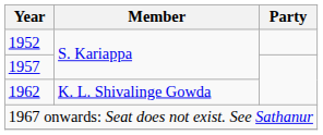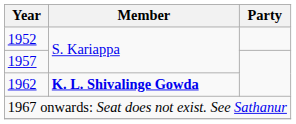 <table class="wikitable sortable">
 <tr>
 <th>Year</th>
 <th>Member</th>
 <th colspan="2">Party</th>
 </tr>
 <tr>
 <td><a href='#'>1952</a></td>
 <td rowspan=2><a href='#'>S. Kariappa</a></td>
 <td></td>
 </tr>
 <tr>
 <td><a href='#'>1957</a></td>
 </tr>
 <tr>
 <td><a href='#'>1962</a></td>
-<td><a href='#'>K. L. Shivalinge Gowda</a></td>
+<td><strong><a href='#'>K. L. Shivalinge Gowda</a></strong></td>
 </tr>
 <tr>
 <td colspan=4 align=center>1967 onwards: <em>Seat does not exist. See <a href='#'>Sathanur</a></em></td>
 </tr>
 <tr>
 </tr>
 </table>
